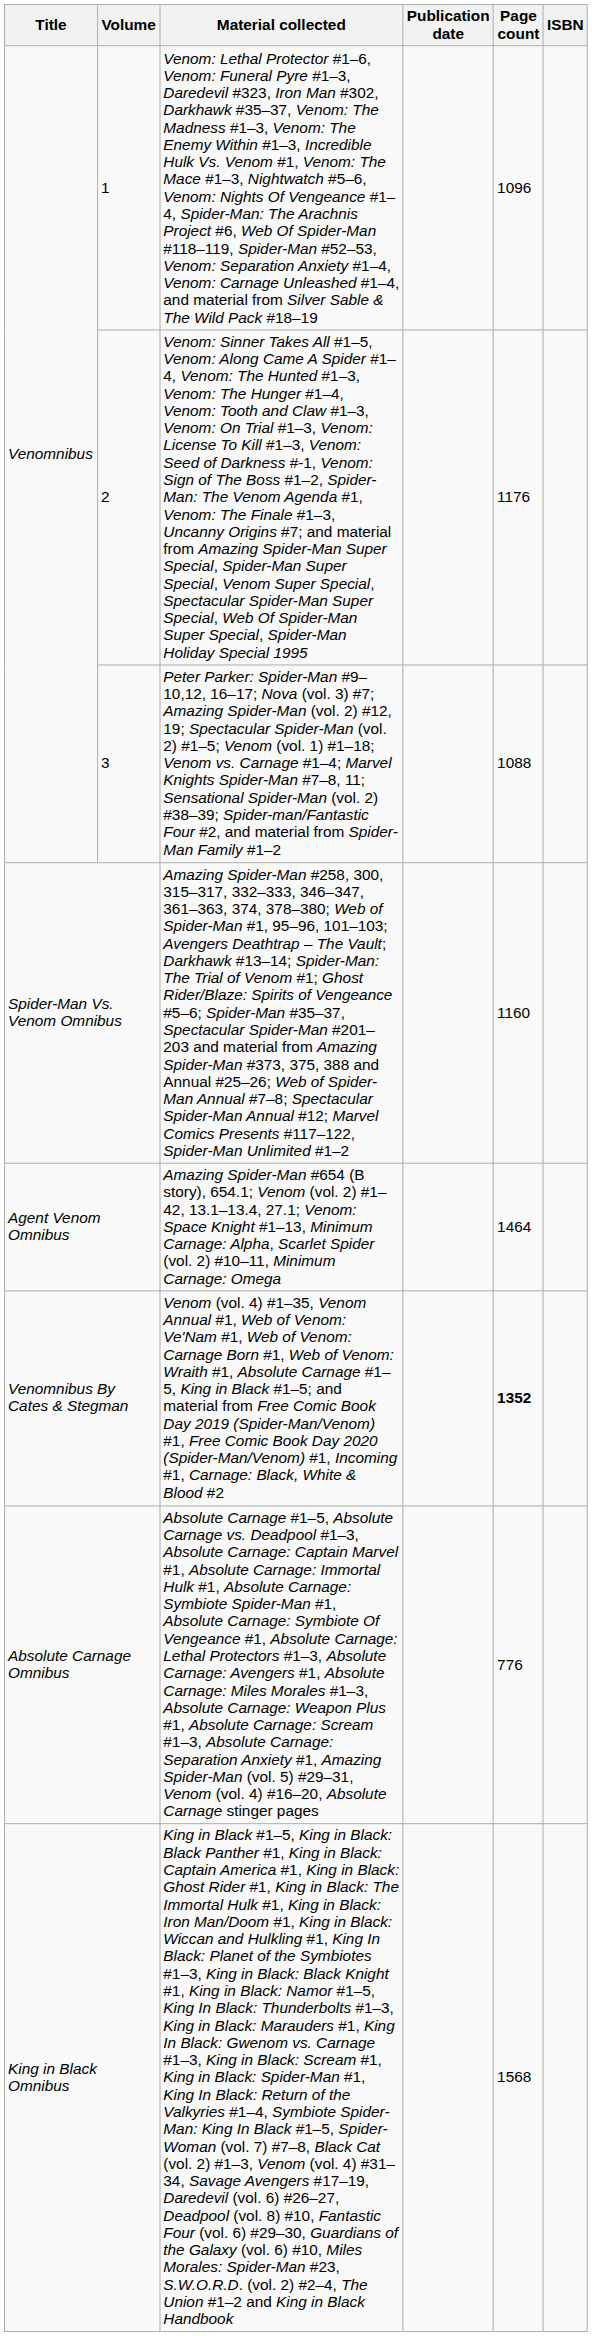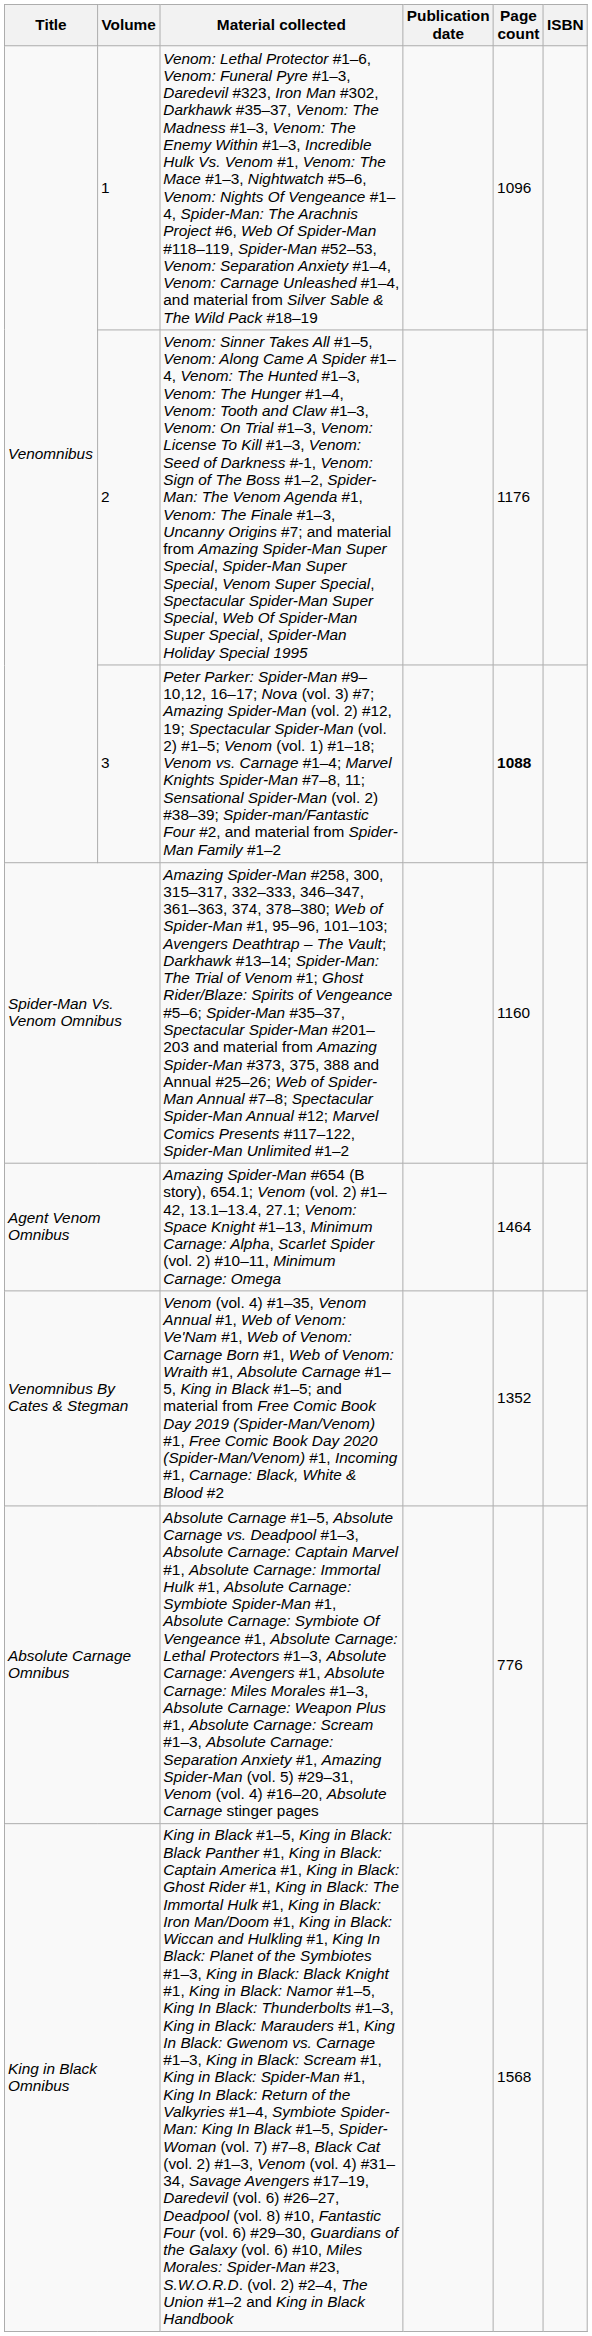 <table class="wikitable sortable">
 <tr>
 <th class="unsortable">Title</th>
 <th>Volume</th>
 <th class="unsortable">Material collected</th>
 <th>Publication date</th>
 <th>Page count</th>
 <th class="unsortable">ISBN</th>
 </tr>
 <tr>
 <td rowspan="3"><em>Venomnibus</em></td>
 <td>1</td>
 <td><em>Venom: Lethal Protector</em> #1–6, <em>Venom: Funeral Pyre</em> #1–3, <em>Daredevil</em> #323, <em>Iron Man</em> #302, <em>Darkhawk</em> #35–37, <em>Venom: The Madness</em> #1–3, <em>Venom: The Enemy Within</em> #1–3, <em>Incredible Hulk Vs. Venom</em> #1, <em>Venom: The Mace</em> #1–3, <em>Nightwatch</em> #5–6, <em>Venom: Nights Of Vengeance</em> #1–4, <em>Spider-Man: The Arachnis Project</em> #6, <em>Web Of Spider-Man</em> #118–119, <em>Spider-Man</em> #52–53, <em>Venom: Separation Anxiety</em> #1–4, <em>Venom: Carnage Unleashed</em> #1–4, and material from <em>Silver Sable & The Wild Pack</em> #18–19</td>
 <td></td>
 <td>1096</td>
 <td></td>
 </tr>
 <tr>
 <td>2</td>
 <td><em>Venom: Sinner Takes All</em> #1–5, <em>Venom: Along Came A Spider</em> #1–4, <em>Venom: The Hunted</em> #1–3, <em>Venom: The Hunger</em> #1–4, <em>Venom: Tooth and Claw</em> #1–3, <em>Venom: On Trial</em> #1–3, <em>Venom: License To Kill</em> #1–3, <em>Venom: Seed of Darkness</em> #-1, <em>Venom: Sign of The Boss</em> #1–2, <em>Spider-Man: The Venom Agenda</em> #1, <em>Venom: The Finale</em> #1–3, <em>Uncanny Origins</em> #7; and material from <em>Amazing Spider-Man Super Special</em>, <em>Spider-Man Super Special</em>, <em>Venom Super Special</em>, <em>Spectacular Spider-Man Super Special</em>, <em>Web Of Spider-Man Super Special</em>, <em>Spider-Man Holiday Special 1995</em></td>
 <td></td>
 <td>1176</td>
 <td></td>
 </tr>
 <tr>
 <td>3</td>
 <td><em>Peter Parker: Spider-Man</em> #9–10,12, 16–17; <em>Nova</em> (vol. 3) #7; <em>Amazing Spider-Man</em> (vol. 2) #12, 19; <em>Spectacular Spider-Man</em> (vol. 2) #1–5; <em>Venom</em> (vol. 1) #1–18; <em>Venom vs. Carnage</em> #1–4; <em>Marvel Knights Spider-Man</em> #7–8, 11; <em>Sensational Spider-Man</em> (vol. 2) #38–39; <em>Spider-man/Fantastic Four</em> #2, and material from <em>Spider-Man Family</em> #1–2</td>
 <td></td>
-<td>1088</td>
+<td><strong>1088</strong></td>
 <td></td>
 </tr>
 <tr>
 <td colspan="2"><em>Spider-Man Vs. Venom Omnibus</em></td>
 <td><em>Amazing Spider-Man</em> #258, 300, 315–317, 332–333, 346–347, 361–363, 374, 378–380; <em>Web of Spider-Man</em> #1, 95–96, 101–103; <em>Avengers Deathtrap – The Vault</em>; <em>Darkhawk</em> #13–14; <em>Spider-Man: The Trial of Venom</em> #1; <em>Ghost Rider/Blaze: Spirits of Vengeance</em> #5–6; <em>Spider-Man</em> #35–37, <em>Spectacular Spider-Man</em> #201–203 and material from <em>Amazing Spider-Man</em> #373, 375, 388 and Annual #25–26; <em>Web of Spider-Man Annual</em> #7–8; <em>Spectacular Spider-Man Annual</em> #12; <em>Marvel Comics Presents</em> #117–122, <em>Spider-Man Unlimited</em> #1–2</td>
 <td></td>
 <td>1160</td>
 <td></td>
 </tr>
 <tr>
 <td colspan="2"><em>Agent Venom Omnibus</em></td>
 <td><em>Amazing Spider-Man</em> #654 (B story), 654.1; <em>Venom</em> (vol. 2) #1–42, 13.1–13.4, 27.1; <em>Venom: Space Knight</em> #1–13, <em>Minimum Carnage: Alpha</em>, <em>Scarlet Spider</em> (vol. 2) #10–11, <em>Minimum Carnage: Omega</em></td>
 <td></td>
 <td>1464</td>
 <td></td>
 </tr>
 <tr>
 <td colspan="2"><em>Venomnibus By Cates & Stegman</em></td>
 <td><em>Venom</em> (vol. 4) #1–35, <em>Venom Annual</em> #1, <em>Web of Venom: Ve'Nam</em> #1, <em>Web of Venom: Carnage Born</em> #1, <em>Web of Venom: Wraith</em> #1, <em>Absolute Carnage</em> #1–5, <em>King in Black</em> #1–5; and material from <em>Free Comic Book Day 2019 (Spider-Man/Venom)</em> #1, <em>Free Comic Book Day 2020 (Spider-Man/Venom)</em> #1, <em>Incoming</em> #1, <em>Carnage: Black, White & Blood</em> #2</td>
 <td></td>
-<td><strong>1352</strong></td>
+<td>1352</td>
 <td></td>
 </tr>
 <tr>
 <td colspan="2"><em>Absolute Carnage Omnibus</em></td>
 <td><em>Absolute Carnage</em> #1–5, <em>Absolute Carnage vs. Deadpool</em> #1–3, <em>Absolute Carnage: Captain Marvel</em> #1, <em>Absolute Carnage: Immortal Hulk</em> #1, <em>Absolute Carnage: Symbiote Spider-Man</em> #1, <em>Absolute Carnage: Symbiote Of Vengeance</em> #1, <em>Absolute Carnage: Lethal Protectors</em> #1–3, <em>Absolute Carnage: Avengers</em> #1, <em>Absolute Carnage: Miles Morales</em> #1–3, <em>Absolute Carnage: Weapon Plus</em> #1, <em>Absolute Carnage: Scream</em> #1–3, <em>Absolute Carnage: Separation Anxiety</em> #1, <em>Amazing Spider-Man</em> (vol. 5) #29–31, <em>Venom</em> (vol. 4) #16–20, <em>Absolute Carnage</em> stinger pages</td>
 <td></td>
 <td>776</td>
 <td></td>
 </tr>
 <tr>
 <td colspan="2"><em>King in Black Omnibus</em></td>
 <td><em>King in Black</em> #1–5, <em>King in Black: Black Panther</em> #1, <em>King in Black: Captain America</em> #1, <em>King in Black: Ghost Rider</em> #1, <em>King in Black: The Immortal Hulk</em> #1, <em>King in Black: Iron Man/Doom</em> #1, <em>King in Black: Wiccan and Hulkling</em> #1, <em>King In Black: Planet of the Symbiotes</em> #1–3, <em>King in Black: Black Knight</em> #1, <em>King in Black: Namor</em> #1–5, <em>King In Black: Thunderbolts</em> #1–3, <em>King in Black: Marauders</em> #1, <em>King In Black: Gwenom vs. Carnage</em> #1–3, <em>King in Black: Scream</em> #1, <em>King in Black: Spider-Man</em> #1, <em>King In Black: Return of the Valkyries</em> #1–4, <em>Symbiote Spider-Man: King In Black</em> #1–5, <em>Spider-Woman</em> (vol. 7) #7–8, <em>Black Cat</em> (vol. 2) #1–3, <em>Venom</em> (vol. 4) #31–34, <em>Savage Avengers</em> #17–19, <em>Daredevil</em> (vol. 6) #26–27, <em>Deadpool</em> (vol. 8) #10, <em>Fantastic Four</em> (vol. 6) #29–30, <em>Guardians of the Galaxy</em> (vol. 6) #10, <em>Miles Morales: Spider-Man</em> #23, <em>S.W.O.R.D</em>. (vol. 2) #2–4, <em>The Union</em> #1–2 and <em>King in Black Handbook</em></td>
 <td></td>
 <td>1568</td>
 <td></td>
 </tr>
 </table>
